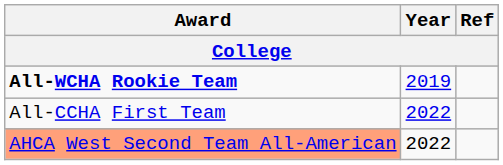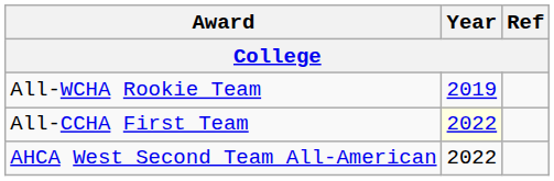 <table class="wikitable">
 <tr>
 <th>Award</th>
 <th>Year</th>
 <th>Ref</th>
 </tr>
 <tr>
 <th colspan="3"><a href='#'>College</a></th>
 </tr>
 <tr>
-<td><strong>All-<a href='#'>WCHA</a> <a href='#'>Rookie Team</a></strong></td>
+<td>All-<a href='#'>WCHA</a> <a href='#'>Rookie Team</a></td>
 <td><a href='#'>2019</a></td>
 <td></td>
 </tr>
 <tr>
 <td>All-<a href='#'>CCHA</a> <a href='#'>First Team</a></td>
-<td><a href='#'>2022</a></td>
+<td style="background: lightyellow;"><a href='#'>2022</a></td>
 <td></td>
 </tr>
 <tr>
-<td style="background: lightsalmon;"><a href='#'>AHCA</a> <a href='#'>West Second Team All-American</a></td>
+<td><a href='#'>AHCA</a> <a href='#'>West Second Team All-American</a></td>
 <td>2022</td>
 <td></td>
 </tr>
 </table>
